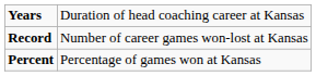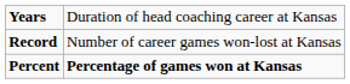 <table class="wikitable">
 <tr>
 <td style="background-color:#"><strong>Years</strong></td>
 <td>Duration of head coaching career at Kansas</td>
 </tr>
 <tr>
 <td style="background-color:#"><strong>Record</strong></td>
 <td>Number of career games won-lost at Kansas</td>
 </tr>
 <tr>
 <td style="background-color:#"><strong>Percent</strong></td>
-<td>Percentage of games won at Kansas</td>
+<td><strong>Percentage of games won at Kansas</strong></td>
 </tr>
 </table>
